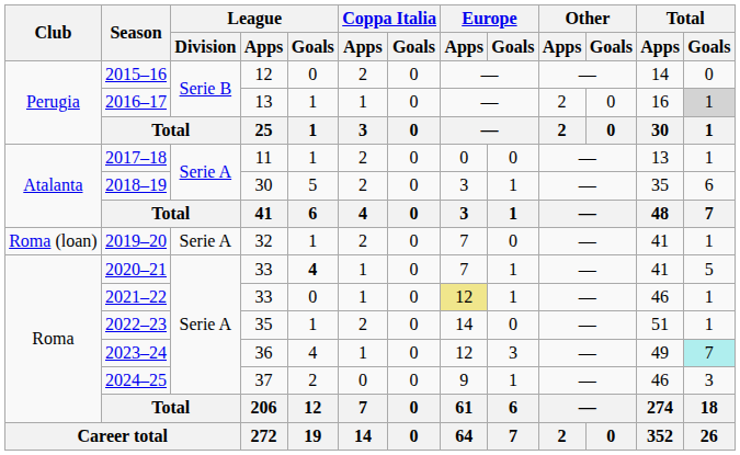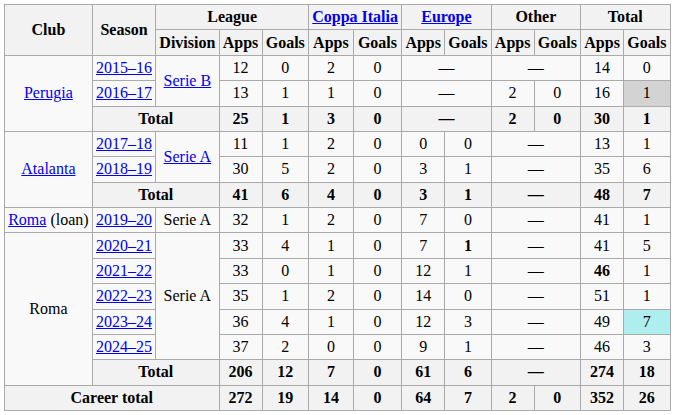 <table class="wikitable" style="text-align: center;">
 <tr>
 <th rowspan="2">Club</th>
 <th rowspan="2">Season</th>
 <th colspan="3">League</th>
 <th colspan="2"><a href='#'>Coppa Italia</a></th>
 <th colspan="2"><a href='#'>Europe</a></th>
 <th colspan="2">Other</th>
 <th colspan="2">Total</th>
 </tr>
 <tr>
 <th>Division</th>
 <th>Apps</th>
 <th>Goals</th>
 <th>Apps</th>
 <th>Goals</th>
 <th>Apps</th>
 <th>Goals</th>
 <th>Apps</th>
 <th>Goals</th>
 <th>Apps</th>
 <th>Goals</th>
 </tr>
 <tr>
 <td rowspan="3"><a href='#'>Perugia</a></td>
 <td><a href='#'>2015–16</a></td>
 <td rowspan="2"><a href='#'>Serie B</a></td>
 <td>12</td>
 <td>0</td>
 <td>2</td>
 <td>0</td>
 <td colspan="2">—</td>
 <td colspan="2">—</td>
 <td>14</td>
 <td>0</td>
 </tr>
 <tr>
 <td><a href='#'>2016–17</a></td>
 <td>13</td>
 <td>1</td>
 <td>1</td>
 <td>0</td>
 <td colspan="2">—</td>
 <td>2</td>
 <td>0</td>
 <td>16</td>
 <td style="background: lightgrey;">1</td>
 </tr>
 <tr>
 <th colspan="2">Total</th>
 <th>25</th>
 <th>1</th>
 <th>3</th>
 <th>0</th>
 <th colspan="2">—</th>
 <th>2</th>
 <th>0</th>
 <th>30</th>
 <th>1</th>
 </tr>
 <tr>
 <td rowspan="3"><a href='#'>Atalanta</a></td>
 <td><a href='#'>2017–18</a></td>
 <td rowspan="2"><a href='#'>Serie A</a></td>
 <td>11</td>
 <td>1</td>
 <td>2</td>
 <td>0</td>
 <td>0</td>
 <td>0</td>
 <td colspan="2">—</td>
 <td>13</td>
 <td>1</td>
 </tr>
 <tr>
 <td><a href='#'>2018–19</a></td>
 <td>30</td>
 <td>5</td>
 <td>2</td>
 <td>0</td>
 <td>3</td>
 <td>1</td>
 <td colspan="2">—</td>
 <td>35</td>
 <td>6</td>
 </tr>
 <tr>
 <th colspan="2">Total</th>
 <th>41</th>
 <th>6</th>
 <th>4</th>
 <th>0</th>
 <th>3</th>
 <th>1</th>
 <th colspan="2">—</th>
 <th>48</th>
 <th>7</th>
 </tr>
 <tr>
 <td><a href='#'>Roma</a> (loan)</td>
 <td><a href='#'>2019–20</a></td>
 <td>Serie A</td>
 <td>32</td>
 <td>1</td>
 <td>2</td>
 <td>0</td>
 <td>7</td>
 <td>0</td>
 <td colspan="2">—</td>
 <td>41</td>
 <td>1</td>
 </tr>
 <tr>
 <td rowspan="6">Roma</td>
 <td><a href='#'>2020–21</a></td>
 <td rowspan="5">Serie A</td>
 <td>33</td>
-<td><strong>4</strong></td>
+<td>4</td>
 <td>1</td>
 <td>0</td>
 <td>7</td>
-<td>1</td>
+<td><strong>1</strong></td>
 <td colspan="2">—</td>
 <td>41</td>
 <td>5</td>
 </tr>
 <tr>
 <td><a href='#'>2021–22</a></td>
 <td>33</td>
 <td>0</td>
 <td>1</td>
 <td>0</td>
-<td style="background: khaki;">12</td>
+<td>12</td>
 <td>1</td>
 <td colspan="2">—</td>
-<td>46</td>
+<td><strong>46</strong></td>
 <td>1</td>
 </tr>
 <tr>
 <td><a href='#'>2022–23</a></td>
 <td>35</td>
 <td>1</td>
 <td>2</td>
 <td>0</td>
 <td>14</td>
 <td>0</td>
 <td colspan="2">—</td>
 <td>51</td>
 <td>1</td>
 </tr>
 <tr>
 <td><a href='#'>2023–24</a></td>
 <td>36</td>
 <td>4</td>
 <td>1</td>
 <td>0</td>
 <td>12</td>
 <td>3</td>
 <td colspan="2">—</td>
 <td>49</td>
 <td style="background: paleturquoise;">7</td>
 </tr>
 <tr>
 <td><a href='#'>2024–25</a></td>
 <td>37</td>
 <td>2</td>
 <td>0</td>
 <td>0</td>
 <td>9</td>
 <td>1</td>
 <td colspan="2">—</td>
 <td>46</td>
 <td>3</td>
 </tr>
 <tr>
 <th colspan="2">Total</th>
 <th>206</th>
 <th>12</th>
 <th>7</th>
 <th>0</th>
 <th>61</th>
 <th>6</th>
 <th colspan="2">—</th>
 <th>274</th>
 <th>18</th>
 </tr>
 <tr>
 <th colspan="3">Career total</th>
 <th>272</th>
 <th>19</th>
 <th>14</th>
 <th>0</th>
 <th>64</th>
 <th>7</th>
 <th>2</th>
 <th>0</th>
 <th>352</th>
 <th>26</th>
 </tr>
 </table>
